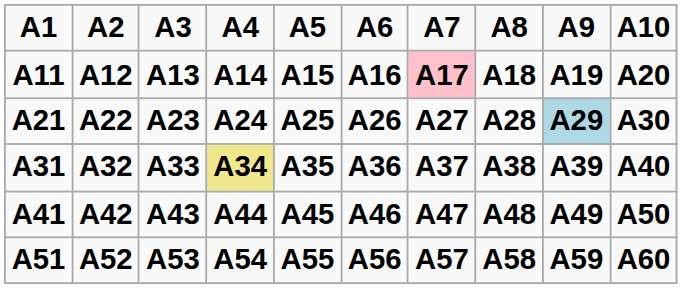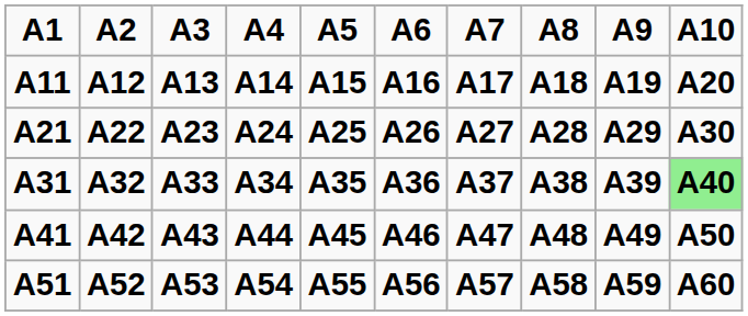 <table class="wikitable" style="text-align: center;">
 <tr valign="top">
 <td><strong>A1</strong><br></td>
 <td><strong>A2</strong><br></td>
 <td><strong>A3</strong><br></td>
 <td><strong>A4</strong><br></td>
 <td><strong>A5</strong><br></td>
 <td><strong>A6</strong><br></td>
 <td><strong>A7</strong><br></td>
 <td><strong>A8</strong><br></td>
 <td><strong>A9</strong><br></td>
 <td><strong>A10</strong><br></td>
 </tr>
 <tr valign="top">
 <td><strong>A11</strong><br></td>
 <td><strong>A12</strong><br></td>
 <td><strong>A13</strong><br></td>
 <td><strong>A14</strong><br></td>
 <td><strong>A15</strong><br></td>
 <td><strong>A16</strong><br></td>
-<td style="background: pink;"><strong>A17</strong><br></td>
+<td><strong>A17</strong><br></td>
 <td><strong>A18</strong><br></td>
 <td><strong>A19</strong><br></td>
 <td><strong>A20</strong><br></td>
 </tr>
 <tr valign="top">
 <td><strong>A21</strong><br></td>
 <td><strong>A22</strong><br></td>
 <td><strong>A23</strong><br></td>
 <td><strong>A24</strong><br></td>
 <td><strong>A25</strong><br></td>
 <td><strong>A26</strong><br></td>
 <td><strong>A27</strong><br></td>
 <td><strong>A28</strong><br></td>
-<td style="background: lightblue;"><strong>A29</strong><br></td>
+<td><strong>A29</strong><br></td>
 <td><strong>A30</strong><br></td>
 </tr>
 <tr valign="top">
 <td><strong>A31</strong><br></td>
 <td><strong>A32</strong><br></td>
 <td><strong>A33</strong><br></td>
-<td style="background: khaki;"><strong>A34</strong><br></td>
+<td><strong>A34</strong><br></td>
 <td><strong>A35</strong><br></td>
 <td><strong>A36</strong><br></td>
 <td><strong>A37</strong><br></td>
 <td><strong>A38</strong><br></td>
 <td><strong>A39</strong><br></td>
-<td><strong>A40</strong><br></td>
+<td style="background: lightgreen;"><strong>A40</strong><br></td>
 </tr>
 <tr valign="top">
 <td><strong>A41</strong><br></td>
 <td><strong>A42</strong><br></td>
 <td><strong>A43</strong><br></td>
 <td><strong>A44</strong><br></td>
 <td><strong>A45</strong><br></td>
 <td><strong>A46</strong><br></td>
 <td><strong>A47</strong><br></td>
 <td><strong>A48</strong><br></td>
 <td><strong>A49</strong><br></td>
 <td><strong>A50</strong><br></td>
 </tr>
 <tr valign="top">
 <td><strong>A51</strong><br></td>
 <td><strong>A52</strong><br></td>
 <td><strong>A53</strong><br></td>
 <td><strong>A54</strong><br></td>
 <td><strong>A55</strong><br></td>
 <td><strong>A56</strong><br></td>
 <td><strong>A57</strong><br></td>
 <td><strong>A58</strong><br></td>
 <td><strong>A59</strong><br></td>
 <td><strong>A60</strong><br></td>
 </tr>
 </table>
